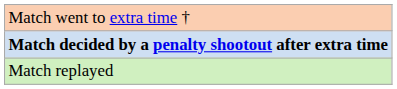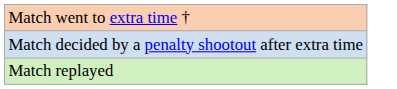 <table class="wikitable">
 <tr>
 <td style="background-color:#FBCEB1">Match went to <a href='#'>extra time</a> †</td>
 </tr>
 <tr>
-<td style="background-color:#cedff2"><strong>Match decided by a <a href='#'>penalty shootout</a> after extra time</strong></td>
+<td style="background-color:#cedff2">Match decided by a <a href='#'>penalty shootout</a> after extra time</td>
 </tr>
 <tr>
 <td style="background-color:#D0F0C0">Match replayed</td>
 </tr>
 </table>
